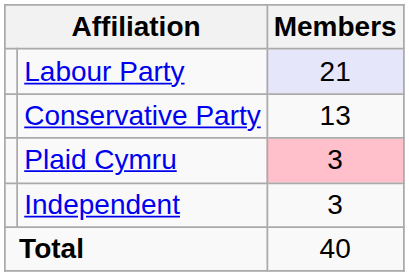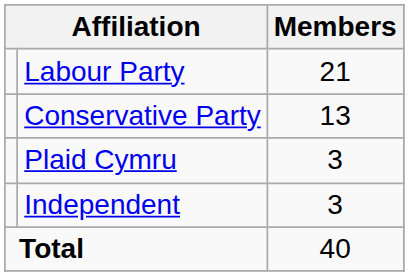 <table class="wikitable">
 <tr>
 <th colspan="2">Affiliation</th>
 <th>Members</th>
 </tr>
 <tr>
 <td style="color:inherit;background:"></td>
 <td><a href='#'>Labour Party</a></td>
-<td style="background: lavender; text-align:center;">21</td>
+<td style="text-align:center;">21</td>
 </tr>
 <tr>
 <td style="color:inherit;background:"></td>
 <td><a href='#'>Conservative Party</a></td>
 <td style="text-align:center;">13</td>
 </tr>
 <tr>
 <td style="color:inherit;background:"></td>
 <td><a href='#'>Plaid Cymru</a></td>
-<td style="background: pink; text-align:center;">3</td>
+<td style="text-align:center;">3</td>
 </tr>
 <tr>
 <td style="color:inherit;background:"></td>
 <td><a href='#'>Independent</a></td>
 <td style="text-align:center;">3</td>
 </tr>
 <tr>
 <td colspan="2" rowspan="1"> <strong>Total</strong></td>
 <td align="center">40</td>
 </tr>
 </table>
